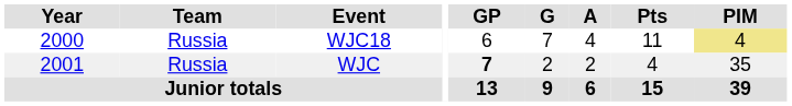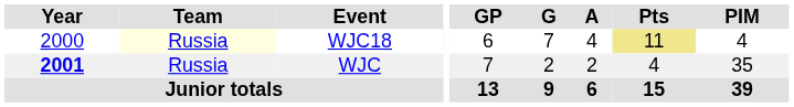 <table border="0" cellpadding="1" cellspacing="0" ID="Table3" style="text-align:center; width:40em">
 <tr ALIGN="center" bgcolor="#e0e0e0">
 <th>Year</th>
 <th>Team</th>
 <th>Event</th>
 <th rowspan="99" bgcolor="#ffffff"></th>
 <th>GP</th>
 <th>G</th>
 <th>A</th>
 <th>Pts</th>
 <th>PIM</th>
 </tr>
 <tr>
 <td><a href='#'>2000</a></td>
-<td><a href='#'>Russia</a></td>
+<td style="background: lightyellow;"><a href='#'>Russia</a></td>
 <td><a href='#'>WJC18</a></td>
 <td>6</td>
 <td>7</td>
 <td>4</td>
-<td>11</td>
-<td style="background: khaki;">4</td>
+<td style="background: khaki;">11</td>
+<td>4</td>
 </tr>
 <tr bgcolor="#f0f0f0">
-<td><a href='#'>2001</a></td>
+<td><strong><a href='#'>2001</a></strong></td>
 <td><a href='#'>Russia</a></td>
 <td><a href='#'>WJC</a></td>
-<td><strong>7</strong></td>
+<td>7</td>
 <td>2</td>
 <td>2</td>
 <td>4</td>
 <td>35</td>
 </tr>
 <tr bgcolor="#e0e0e0">
 <th colspan="3">Junior totals</th>
 <th>13</th>
 <th>9</th>
 <th>6</th>
 <th>15</th>
 <th>39</th>
 </tr>
 </table>
